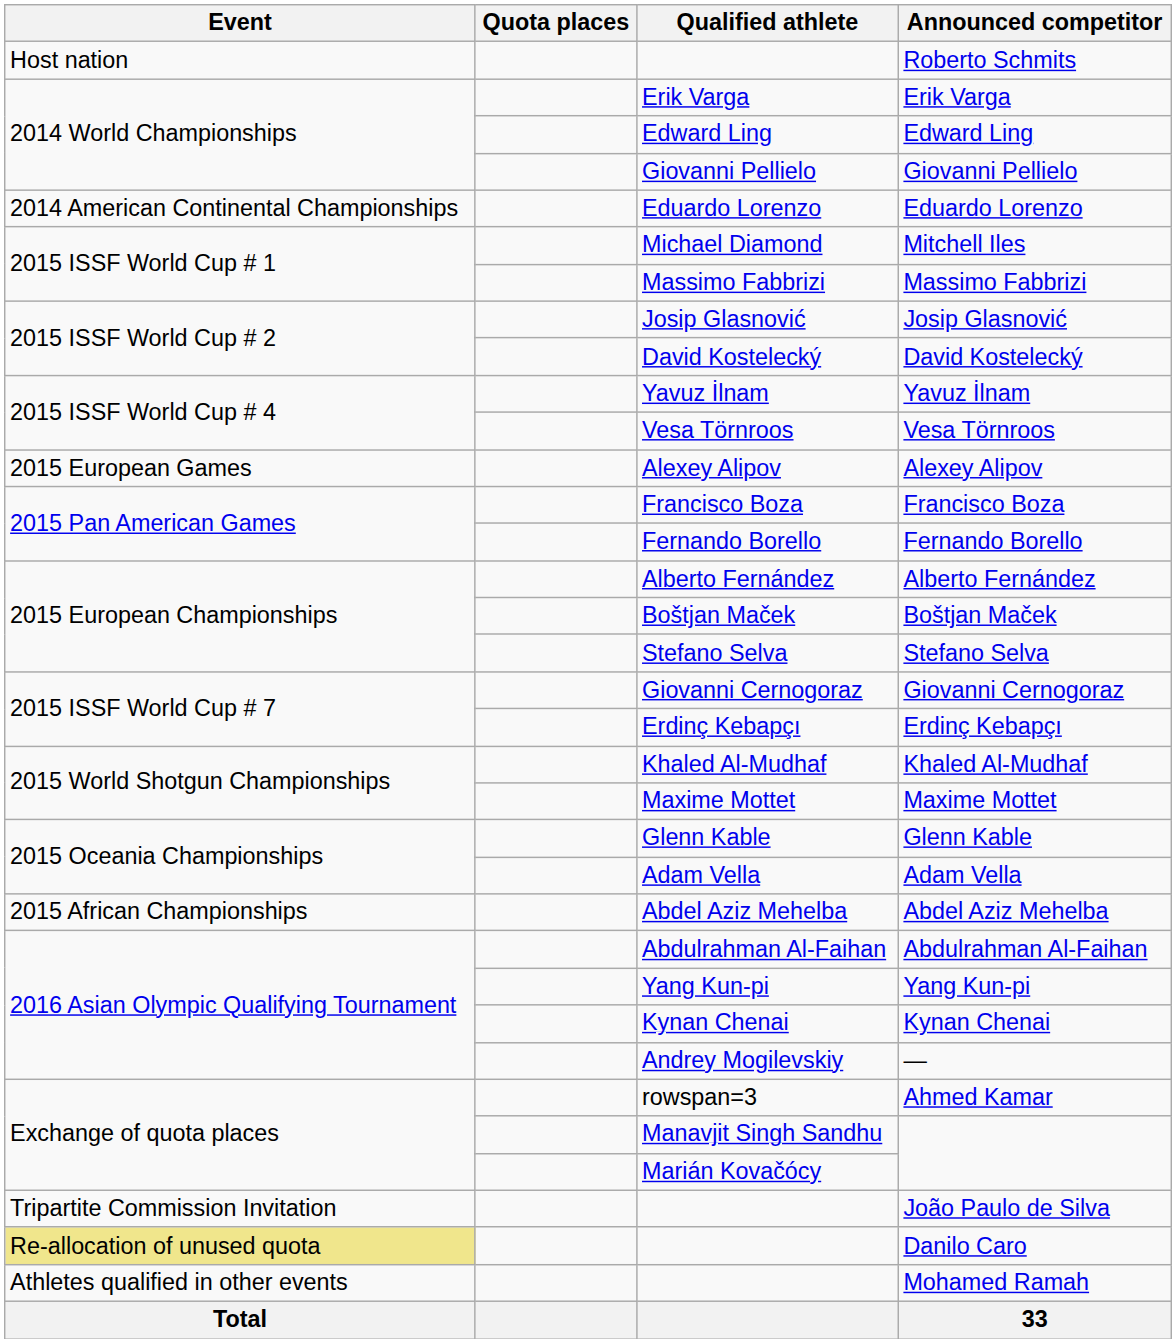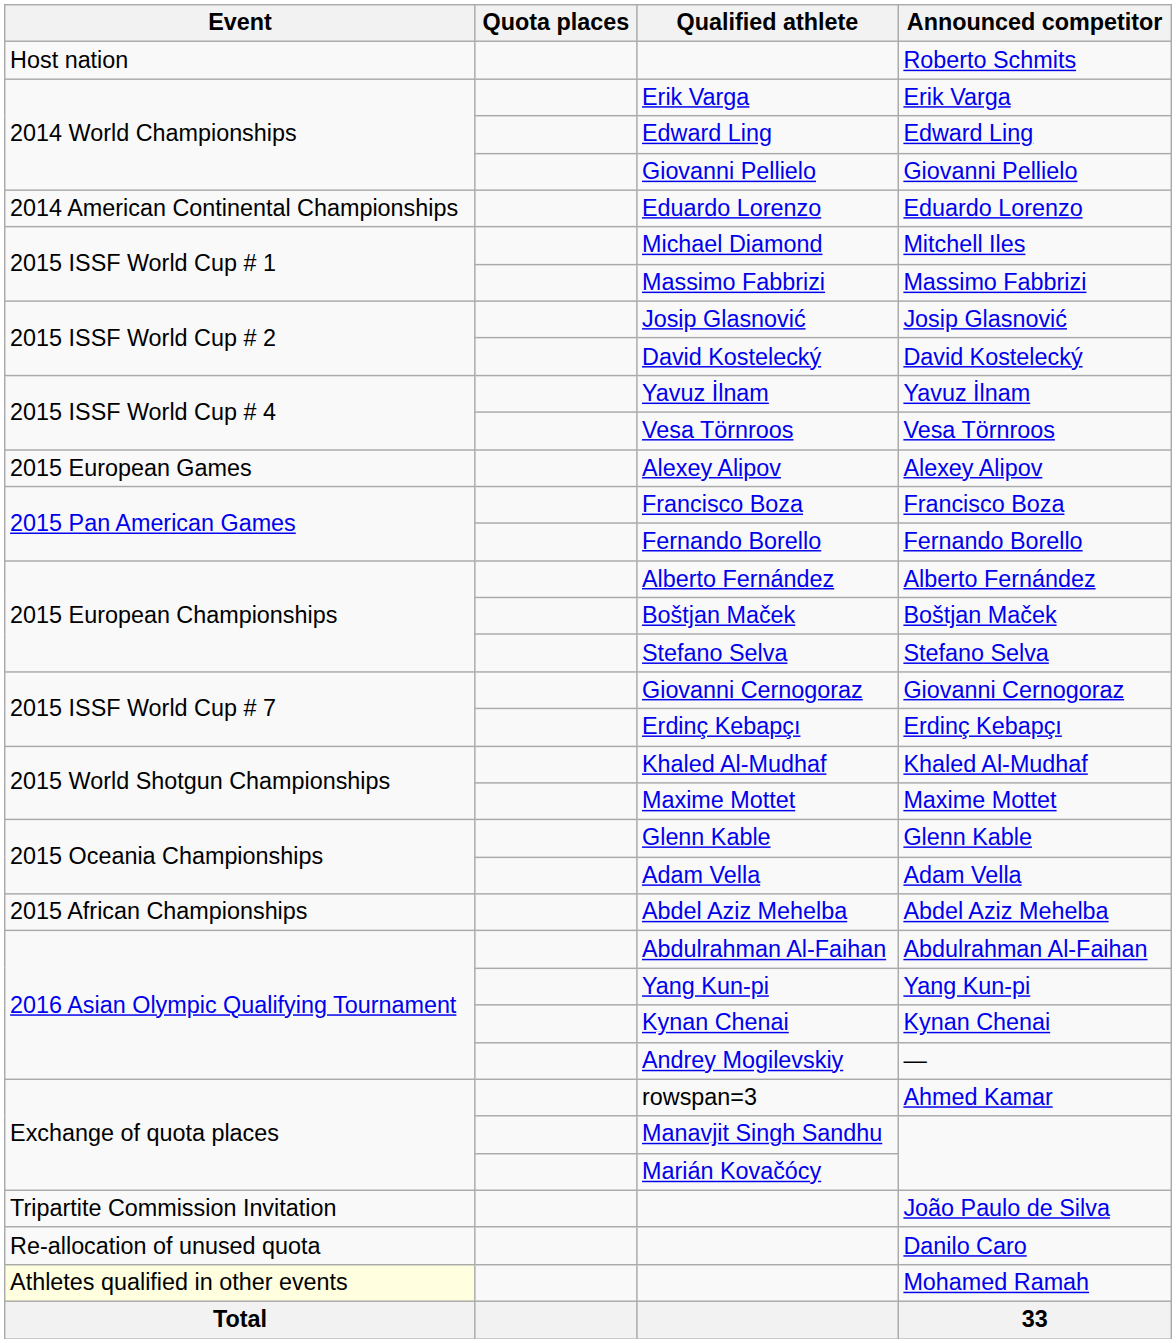 <table class=wikitable style="text-align:left" width=800>
 <tr>
 <th>Event</th>
 <th>Quota places</th>
 <th>Qualified athlete</th>
 <th>Announced competitor</th>
 </tr>
 <tr>
 <td>Host nation</td>
 <td></td>
 <td></td>
 <td><a href='#'>Roberto Schmits</a></td>
 </tr>
 <tr>
 <td rowspan="3">2014 World Championships</td>
 <td></td>
 <td><a href='#'>Erik Varga</a></td>
 <td><a href='#'>Erik Varga</a></td>
 </tr>
 <tr>
 <td></td>
 <td><a href='#'>Edward Ling</a></td>
 <td><a href='#'>Edward Ling</a></td>
 </tr>
 <tr>
 <td></td>
 <td><a href='#'>Giovanni Pellielo</a></td>
 <td><a href='#'>Giovanni Pellielo</a></td>
 </tr>
 <tr>
 <td>2014 American Continental Championships</td>
 <td></td>
 <td><a href='#'>Eduardo Lorenzo</a></td>
 <td><a href='#'>Eduardo Lorenzo</a></td>
 </tr>
 <tr>
 <td rowspan="2">2015 ISSF World Cup # 1</td>
 <td></td>
 <td><a href='#'>Michael Diamond</a></td>
 <td><a href='#'>Mitchell Iles</a></td>
 </tr>
 <tr>
 <td></td>
 <td><a href='#'>Massimo Fabbrizi</a></td>
 <td><a href='#'>Massimo Fabbrizi</a></td>
 </tr>
 <tr>
 <td rowspan="2">2015 ISSF World Cup # 2</td>
 <td></td>
 <td><a href='#'>Josip Glasnović</a></td>
 <td><a href='#'>Josip Glasnović</a></td>
 </tr>
 <tr>
 <td></td>
 <td><a href='#'>David Kostelecký</a></td>
 <td><a href='#'>David Kostelecký</a></td>
 </tr>
 <tr>
 <td rowspan="2">2015 ISSF World Cup # 4</td>
 <td></td>
 <td><a href='#'>Yavuz İlnam</a></td>
 <td><a href='#'>Yavuz İlnam</a></td>
 </tr>
 <tr>
 <td></td>
 <td><a href='#'>Vesa Törnroos</a></td>
 <td><a href='#'>Vesa Törnroos</a></td>
 </tr>
 <tr>
 <td>2015 European Games</td>
 <td></td>
 <td><a href='#'>Alexey Alipov</a></td>
 <td><a href='#'>Alexey Alipov</a></td>
 </tr>
 <tr>
 <td rowspan="2"><a href='#'>2015 Pan American Games</a></td>
 <td></td>
 <td><a href='#'>Francisco Boza</a></td>
 <td><a href='#'>Francisco Boza</a></td>
 </tr>
 <tr>
 <td></td>
 <td><a href='#'>Fernando Borello</a></td>
 <td><a href='#'>Fernando Borello</a></td>
 </tr>
 <tr>
 <td rowspan="3">2015 European Championships</td>
 <td></td>
 <td><a href='#'>Alberto Fernández</a></td>
 <td><a href='#'>Alberto Fernández</a></td>
 </tr>
 <tr>
 <td></td>
 <td><a href='#'>Boštjan Maček</a></td>
 <td><a href='#'>Boštjan Maček</a></td>
 </tr>
 <tr>
 <td></td>
 <td><a href='#'>Stefano Selva</a></td>
 <td><a href='#'>Stefano Selva</a></td>
 </tr>
 <tr>
 <td rowspan="2">2015 ISSF World Cup # 7</td>
 <td></td>
 <td><a href='#'>Giovanni Cernogoraz</a></td>
 <td><a href='#'>Giovanni Cernogoraz</a></td>
 </tr>
 <tr>
 <td></td>
 <td><a href='#'>Erdinç Kebapçı</a></td>
 <td><a href='#'>Erdinç Kebapçı</a></td>
 </tr>
 <tr>
 <td rowspan="2">2015 World Shotgun Championships</td>
 <td></td>
 <td><a href='#'>Khaled Al-Mudhaf</a></td>
 <td><a href='#'>Khaled Al-Mudhaf</a></td>
 </tr>
 <tr>
 <td></td>
 <td><a href='#'>Maxime Mottet</a></td>
 <td><a href='#'>Maxime Mottet</a></td>
 </tr>
 <tr>
 <td rowspan="2">2015 Oceania Championships</td>
 <td></td>
 <td><a href='#'>Glenn Kable</a></td>
 <td><a href='#'>Glenn Kable</a></td>
 </tr>
 <tr>
 <td></td>
 <td><a href='#'>Adam Vella</a></td>
 <td><a href='#'>Adam Vella</a></td>
 </tr>
 <tr>
 <td rowspan="1">2015 African Championships</td>
 <td></td>
 <td><a href='#'>Abdel Aziz Mehelba</a></td>
 <td><a href='#'>Abdel Aziz Mehelba</a></td>
 </tr>
 <tr>
 <td rowspan="4"><a href='#'>2016 Asian Olympic Qualifying Tournament</a></td>
 <td></td>
 <td><a href='#'>Abdulrahman Al-Faihan</a></td>
 <td><a href='#'>Abdulrahman Al-Faihan</a></td>
 </tr>
 <tr>
 <td></td>
 <td><a href='#'>Yang Kun-pi</a></td>
 <td><a href='#'>Yang Kun-pi</a></td>
 </tr>
 <tr>
 <td></td>
 <td><a href='#'>Kynan Chenai</a></td>
 <td><a href='#'>Kynan Chenai</a></td>
 </tr>
 <tr>
 <td></td>
 <td><a href='#'>Andrey Mogilevskiy</a></td>
 <td>—</td>
 </tr>
 <tr>
 <td rowspan=3>Exchange of quota places</td>
 <td></td>
 <td>rowspan=3 </td>
 <td><a href='#'>Ahmed Kamar</a></td>
 </tr>
 <tr>
 <td></td>
 <td><a href='#'>Manavjit Singh Sandhu</a></td>
 </tr>
 <tr>
 <td></td>
 <td><a href='#'>Marián Kovačócy</a></td>
 </tr>
 <tr>
 <td>Tripartite Commission Invitation</td>
 <td></td>
 <td></td>
 <td><a href='#'>João Paulo de Silva</a></td>
 </tr>
 <tr>
-<td style="background: khaki;">Re-allocation of unused quota</td>
+<td>Re-allocation of unused quota</td>
 <td></td>
 <td></td>
 <td><a href='#'>Danilo Caro</a></td>
 </tr>
 <tr>
-<td>Athletes qualified in other events</td>
+<td style="background: lightyellow;">Athletes qualified in other events</td>
 <td></td>
 <td></td>
 <td><a href='#'>Mohamed Ramah</a></td>
 </tr>
 <tr>
 <th>Total</th>
 <th></th>
 <th></th>
 <th>33</th>
 </tr>
 </table>
